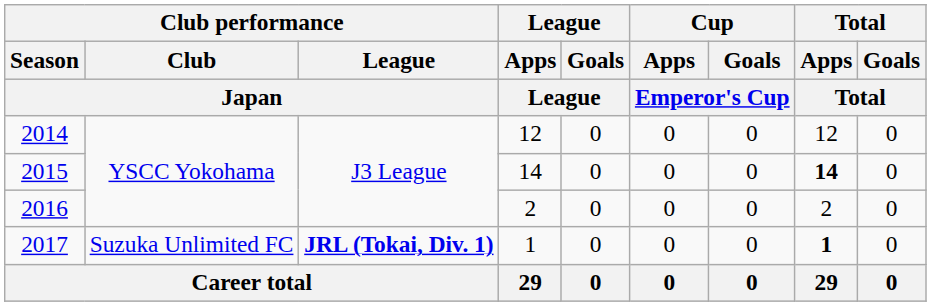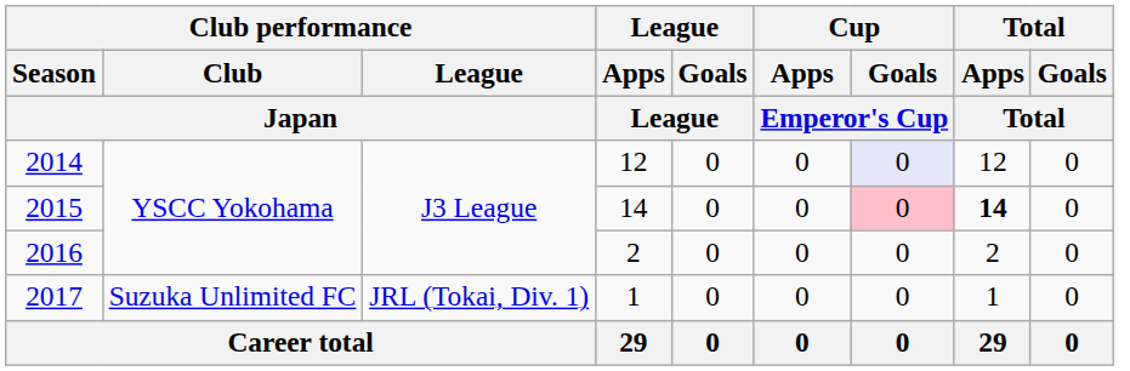 <table class="wikitable" style="text-align:center">
 <tr>
 <th colspan=3>Club performance</th>
 <th colspan=2>League</th>
 <th colspan=2>Cup</th>
 <th colspan=2>Total</th>
 </tr>
 <tr>
 <th>Season</th>
 <th>Club</th>
 <th>League</th>
 <th>Apps</th>
 <th>Goals</th>
 <th>Apps</th>
 <th>Goals</th>
 <th>Apps</th>
 <th>Goals</th>
 </tr>
 <tr>
 <th colspan=3>Japan</th>
 <th colspan=2>League</th>
 <th colspan=2><a href='#'>Emperor's Cup</a></th>
 <th colspan=2>Total</th>
 </tr>
 <tr>
 <td><a href='#'>2014</a></td>
 <td rowspan="3"><a href='#'>YSCC Yokohama</a></td>
 <td rowspan="3"><a href='#'>J3 League</a></td>
 <td>12</td>
 <td>0</td>
 <td>0</td>
-<td>0</td>
+<td style="background: lavender;">0</td>
 <td>12</td>
 <td>0</td>
 </tr>
 <tr>
 <td><a href='#'>2015</a></td>
 <td>14</td>
 <td>0</td>
 <td>0</td>
-<td>0</td>
+<td style="background: pink;">0</td>
 <td><strong>14</strong></td>
 <td>0</td>
 </tr>
 <tr>
 <td><a href='#'>2016</a></td>
 <td>2</td>
 <td>0</td>
 <td>0</td>
 <td>0</td>
 <td>2</td>
 <td>0</td>
 </tr>
 <tr>
 <td><a href='#'>2017</a></td>
 <td><a href='#'>Suzuka Unlimited FC</a></td>
-<td><strong><a href='#'>JRL (Tokai, Div. 1)</a></strong></td>
+<td><a href='#'>JRL (Tokai, Div. 1)</a></td>
 <td>1</td>
 <td>0</td>
 <td>0</td>
 <td>0</td>
-<td><strong>1</strong></td>
+<td>1</td>
 <td>0</td>
 </tr>
 <tr>
 <th colspan=3>Career total</th>
 <th>29</th>
 <th>0</th>
 <th>0</th>
 <th>0</th>
 <th>29</th>
 <th>0</th>
 </tr>
 </table>
